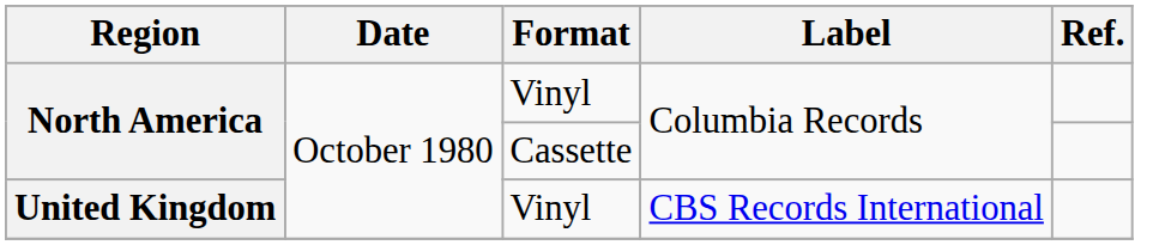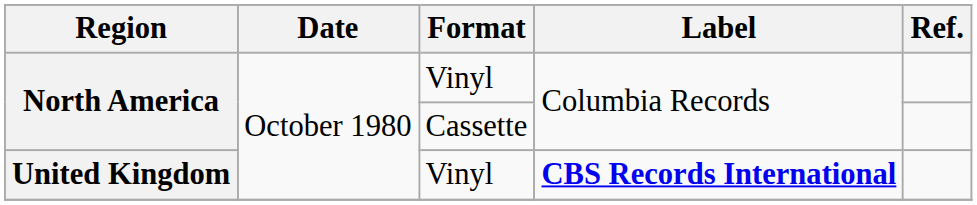 <table class="wikitable plainrowheaders">
 <tr>
 <th scope="col">Region</th>
 <th scope="col">Date</th>
 <th scope="col">Format</th>
 <th scope="col">Label</th>
 <th scope="col">Ref.</th>
 </tr>
 <tr>
 <th scope="row" rowspan="2">North America</th>
 <td rowspan="3">October 1980</td>
 <td>Vinyl</td>
 <td rowspan="2">Columbia Records</td>
 <td></td>
 </tr>
 <tr>
 <td>Cassette</td>
 <td></td>
 </tr>
 <tr>
 <th scope="row">United Kingdom</th>
 <td>Vinyl</td>
-<td><a href='#'>CBS Records International</a></td>
+<td><strong><a href='#'>CBS Records International</a></strong></td>
 <td></td>
 </tr>
 <tr>
 </tr>
 </table>
